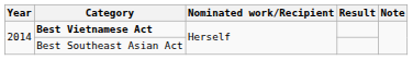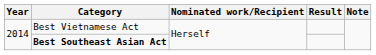 <table class="wikitable">
 <tr>
 <th>Year</th>
 <th>Category</th>
 <th>Nominated work/Recipient</th>
 <th>Result</th>
 <th>Note</th>
 </tr>
 <tr>
 <td rowspan="2">2014</td>
-<td><strong>Best Vietnamese Act</strong></td>
+<td>Best Vietnamese Act</td>
 <td rowspan="2">Herself</td>
 <td></td>
 <td rowspan="2"><br></td>
 </tr>
 <tr>
-<td>Best Southeast Asian Act</td>
+<td><strong>Best Southeast Asian Act</strong></td>
 <td></td>
 </tr>
 </table>
